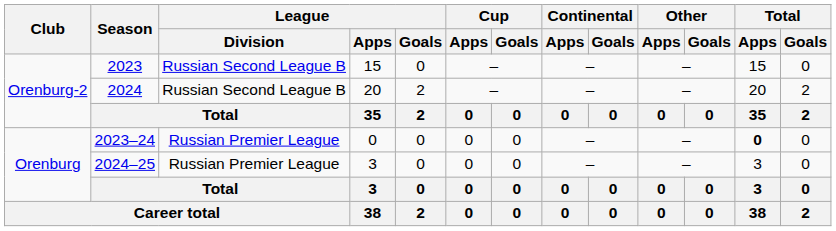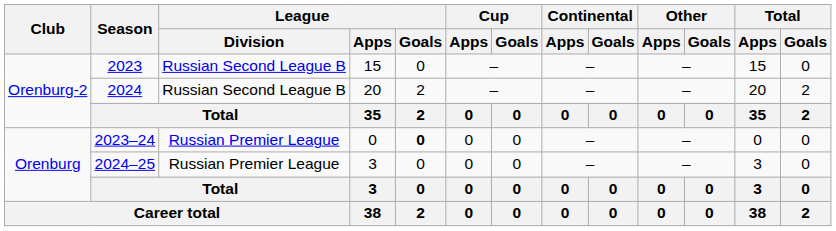 <table class="wikitable" style="text-align: center;">
 <tr>
 <th rowspan=2>Club</th>
 <th rowspan=2>Season</th>
 <th colspan=3>League</th>
 <th colspan=2>Cup</th>
 <th colspan=2>Continental</th>
 <th colspan=2>Other</th>
 <th colspan=2>Total</th>
 </tr>
 <tr>
 <th>Division</th>
 <th>Apps</th>
 <th>Goals</th>
 <th>Apps</th>
 <th>Goals</th>
 <th>Apps</th>
 <th>Goals</th>
 <th>Apps</th>
 <th>Goals</th>
 <th>Apps</th>
 <th>Goals</th>
 </tr>
 <tr>
 <td rowspan="3"><a href='#'>Orenburg-2</a></td>
 <td><a href='#'>2023</a></td>
 <td><a href='#'>Russian Second League B</a></td>
 <td>15</td>
 <td>0</td>
 <td colspan=2>–</td>
 <td colspan=2>–</td>
 <td colspan=2>–</td>
 <td>15</td>
 <td>0</td>
 </tr>
 <tr>
 <td><a href='#'>2024</a></td>
 <td>Russian Second League B</td>
 <td>20</td>
 <td>2</td>
 <td colspan=2>–</td>
 <td colspan=2>–</td>
 <td colspan=2>–</td>
 <td>20</td>
 <td>2</td>
 </tr>
 <tr>
 <th colspan=2>Total</th>
 <th>35</th>
 <th>2</th>
 <th>0</th>
 <th>0</th>
 <th>0</th>
 <th>0</th>
 <th>0</th>
 <th>0</th>
 <th>35</th>
 <th>2</th>
 </tr>
 <tr>
 <td rowspan="3"><a href='#'>Orenburg</a></td>
 <td><a href='#'>2023–24</a></td>
 <td><a href='#'>Russian Premier League</a></td>
 <td>0</td>
-<td>0</td>
+<td><strong>0</strong></td>
 <td>0</td>
 <td>0</td>
 <td colspan=2>–</td>
 <td colspan=2>–</td>
-<td><strong>0</strong></td>
+<td>0</td>
 <td>0</td>
 </tr>
 <tr>
 <td><a href='#'>2024–25</a></td>
 <td>Russian Premier League</td>
 <td>3</td>
 <td>0</td>
 <td>0</td>
 <td>0</td>
 <td colspan=2>–</td>
 <td colspan=2>–</td>
 <td>3</td>
 <td>0</td>
 </tr>
 <tr>
 <th colspan=2>Total</th>
 <th>3</th>
 <th>0</th>
 <th>0</th>
 <th>0</th>
 <th>0</th>
 <th>0</th>
 <th>0</th>
 <th>0</th>
 <th>3</th>
 <th>0</th>
 </tr>
 <tr>
 <th colspan=3>Career total</th>
 <th>38</th>
 <th>2</th>
 <th>0</th>
 <th>0</th>
 <th>0</th>
 <th>0</th>
 <th>0</th>
 <th>0</th>
 <th>38</th>
 <th>2</th>
 </tr>
 </table>
